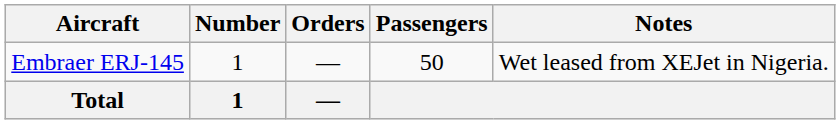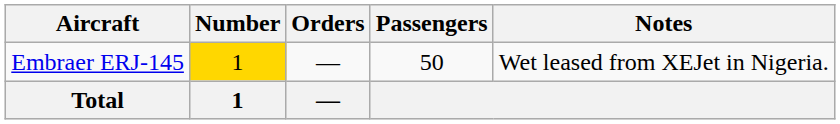 <table class="wikitable" style="margin:0.5em auto; text-align:center">
 <tr>
 <th>Aircraft</th>
 <th>Number</th>
 <th>Orders</th>
 <th>Passengers</th>
 <th>Notes</th>
 </tr>
 <tr>
 <td><a href='#'>Embraer ERJ-145</a></td>
-<td>1</td>
+<td style="background: gold;">1</td>
 <td>—</td>
 <td>50</td>
 <td>Wet leased from XEJet in Nigeria.</td>
 </tr>
 <tr>
 <th>Total</th>
 <th align=center>1</th>
 <th align=center>—</th>
 <th colspan=2></th>
 </tr>
 </table>
